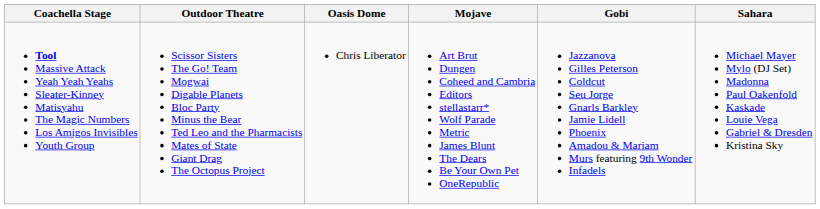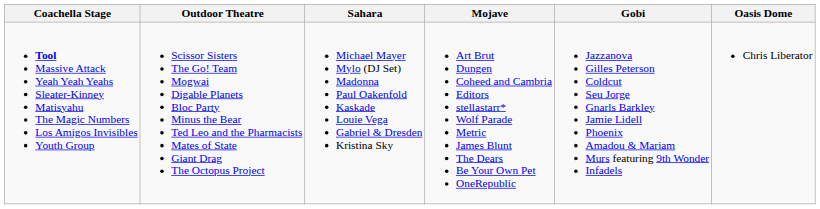 <table class="wikitable">
 <tr>
 <th>Coachella Stage</th>
 <th>Outdoor Theatre</th>
-<th>Oasis Dome</th>
+<th>Sahara</th>
 <th>Mojave</th>
 <th>Gobi</th>
-<th>Sahara</th>
+<th>Oasis Dome</th>
 </tr>
 <tr valign="top">
 <td><br><ul><li><strong><a href='#'>Tool</a></strong></li><li><a href='#'>Massive Attack</a></li><li><a href='#'>Yeah Yeah Yeahs</a></li><li><a href='#'>Sleater-Kinney</a></li><li><a href='#'>Matisyahu</a></li><li><a href='#'>The Magic Numbers</a></li><li><a href='#'>Los Amigos Invisibles</a></li><li><a href='#'>Youth Group</a></li></ul></td>
 <td><br><ul><li><a href='#'>Scissor Sisters</a></li><li><a href='#'>The Go! Team</a></li><li><a href='#'>Mogwai</a></li><li><a href='#'>Digable Planets</a></li><li><a href='#'>Bloc Party</a></li><li><a href='#'>Minus the Bear</a></li><li><a href='#'>Ted Leo and the Pharmacists</a></li><li><a href='#'>Mates of State</a></li><li><a href='#'>Giant Drag</a></li><li><a href='#'>The Octopus Project</a></li></ul></td>
-<td><br><ul><li>Chris Liberator</li></ul></td>
+<td><br><ul><li><a href='#'>Michael Mayer</a></li><li><a href='#'>Mylo</a> (DJ Set)</li><li><a href='#'>Madonna</a></li><li><a href='#'>Paul Oakenfold</a></li><li><a href='#'>Kaskade</a></li><li><a href='#'>Louie Vega</a></li><li><a href='#'>Gabriel & Dresden</a></li><li>Kristina Sky</li></ul></td>
 <td><br><ul><li><a href='#'>Art Brut</a></li><li><a href='#'>Dungen</a></li><li><a href='#'>Coheed and Cambria</a></li><li><a href='#'>Editors</a></li><li><a href='#'>stellastarr*</a></li><li><a href='#'>Wolf Parade</a></li><li><a href='#'>Metric</a></li><li><a href='#'>James Blunt</a></li><li><a href='#'>The Dears</a></li><li><a href='#'>Be Your Own Pet</a></li><li><a href='#'>OneRepublic</a></li></ul></td>
 <td><br><ul><li><a href='#'>Jazzanova</a></li><li><a href='#'>Gilles Peterson</a></li><li><a href='#'>Coldcut</a></li><li><a href='#'>Seu Jorge</a></li><li><a href='#'>Gnarls Barkley</a></li><li><a href='#'>Jamie Lidell</a></li><li><a href='#'>Phoenix</a></li><li><a href='#'>Amadou & Mariam</a></li><li><a href='#'>Murs</a> featuring <a href='#'>9th Wonder</a></li><li><a href='#'>Infadels</a></li></ul></td>
-<td><br><ul><li><a href='#'>Michael Mayer</a></li><li><a href='#'>Mylo</a> (DJ Set)</li><li><a href='#'>Madonna</a></li><li><a href='#'>Paul Oakenfold</a></li><li><a href='#'>Kaskade</a></li><li><a href='#'>Louie Vega</a></li><li><a href='#'>Gabriel & Dresden</a></li><li>Kristina Sky</li></ul></td>
+<td><br><ul><li>Chris Liberator</li></ul></td>
 </tr>
 </table>
